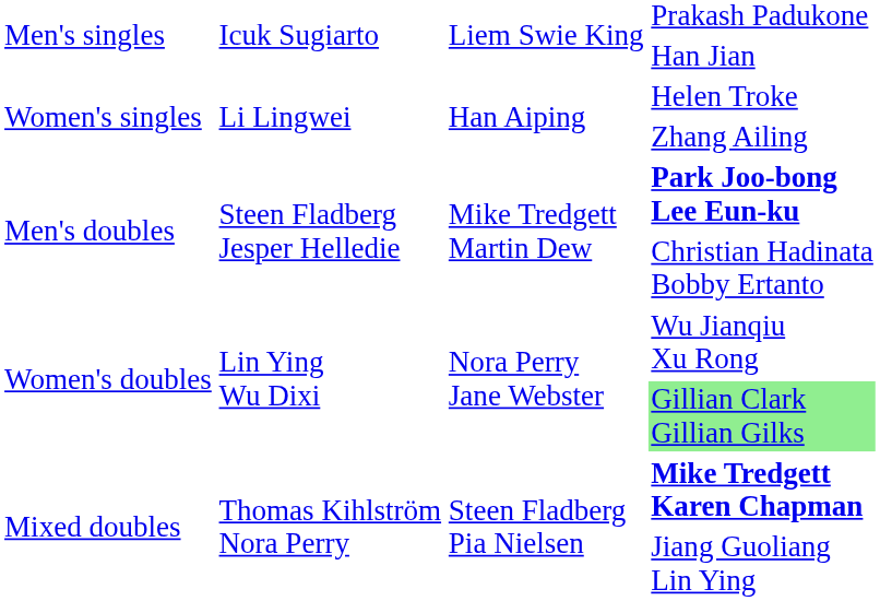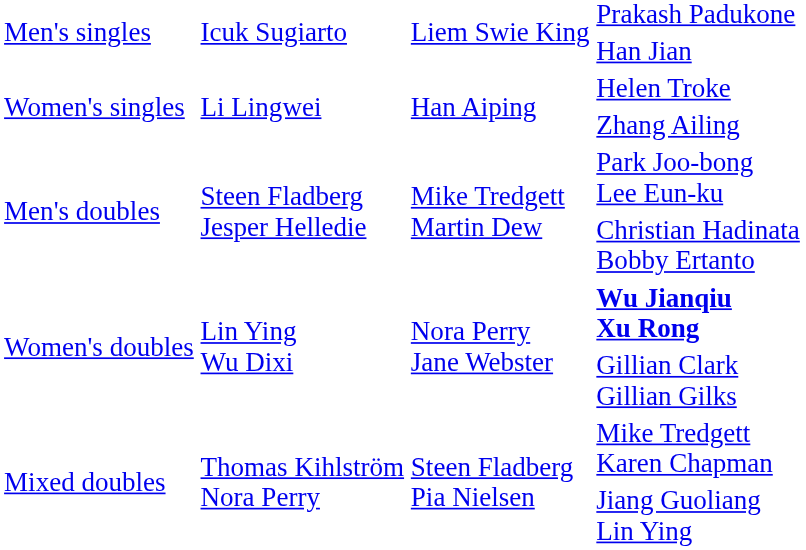 <table>
 <tr>
 <td rowspan=2><a href='#'>Men's singles</a></td>
 <td rowspan=2> <a href='#'>Icuk Sugiarto</a></td>
 <td rowspan=2> <a href='#'>Liem Swie King</a></td>
 <td> <a href='#'>Prakash Padukone</a></td>
 </tr>
 <tr>
 <td> <a href='#'>Han Jian</a></td>
 </tr>
 <tr>
 <td rowspan=2><a href='#'>Women's singles</a></td>
 <td rowspan=2> <a href='#'>Li Lingwei</a></td>
 <td rowspan=2> <a href='#'>Han Aiping</a></td>
 <td> <a href='#'>Helen Troke</a></td>
 </tr>
 <tr>
 <td> <a href='#'>Zhang Ailing</a></td>
 </tr>
 <tr>
 <td rowspan=2><a href='#'>Men's doubles</a></td>
 <td rowspan=2> <a href='#'>Steen Fladberg</a><br> <a href='#'>Jesper Helledie</a></td>
 <td rowspan=2> <a href='#'>Mike Tredgett</a><br> <a href='#'>Martin Dew</a></td>
-<td><strong> <a href='#'>Park Joo-bong</a><br> <a href='#'>Lee Eun-ku</a></strong></td>
+<td> <a href='#'>Park Joo-bong</a><br> <a href='#'>Lee Eun-ku</a></td>
 </tr>
 <tr>
 <td> <a href='#'>Christian Hadinata</a><br> <a href='#'>Bobby Ertanto</a></td>
 </tr>
 <tr>
 <td rowspan=2><a href='#'>Women's doubles</a></td>
 <td rowspan=2> <a href='#'>Lin Ying</a><br> <a href='#'>Wu Dixi</a></td>
 <td rowspan=2> <a href='#'>Nora Perry</a><br> <a href='#'>Jane Webster</a></td>
-<td> <a href='#'>Wu Jianqiu</a><br> <a href='#'>Xu Rong</a></td>
+<td><strong> <a href='#'>Wu Jianqiu</a><br> <a href='#'>Xu Rong</a></strong></td>
 </tr>
 <tr>
-<td style="background: lightgreen;"> <a href='#'>Gillian Clark</a><br>  <a href='#'>Gillian Gilks</a></td>
+<td> <a href='#'>Gillian Clark</a><br>  <a href='#'>Gillian Gilks</a></td>
 </tr>
 <tr>
 <td rowspan=2><a href='#'>Mixed doubles</a></td>
 <td rowspan=2> <a href='#'>Thomas Kihlström</a> <br> <a href='#'>Nora Perry</a></td>
 <td rowspan=2> <a href='#'>Steen Fladberg</a><br>  <a href='#'>Pia Nielsen</a></td>
-<td><strong> <a href='#'>Mike Tredgett</a><br> <a href='#'>Karen Chapman</a></strong></td>
+<td> <a href='#'>Mike Tredgett</a><br> <a href='#'>Karen Chapman</a></td>
 </tr>
 <tr>
 <td> <a href='#'>Jiang Guoliang</a> <br> <a href='#'>Lin Ying</a></td>
 </tr>
 </table>
